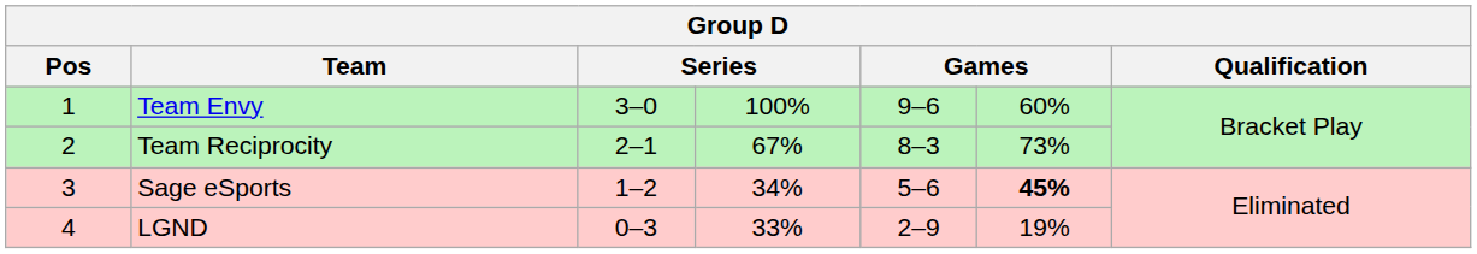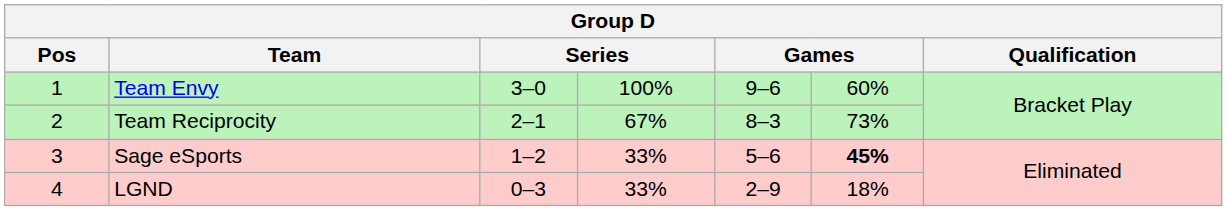 <table class="wikitable" style="display: inline-table; margin-left: 50px;width: 46.5%;">
 <tr>
 <th colspan="7">Group D</th>
 </tr>
 <tr>
 <th>Pos</th>
 <th>Team</th>
 <th colspan="2">Series</th>
 <th colspan="2">Games</th>
 <th>Qualification</th>
 </tr>
 <tr>
 <td style="text-align:center; background:#BBF3BB;">1</td>
 <td style="text-align:left; background:#BBF3BB;"><a href='#'>Team Envy</a></td>
 <td style="text-align:center; background:#BBF3BB;">3–0</td>
 <td style="text-align:center; background:#BBF3BB;">100%</td>
 <td style="text-align:center; background:#BBF3BB;">9–6</td>
 <td style="text-align:center; background:#BBF3BB;">60%</td>
 <td style="text-align:center; background:#BBF3BB;" rowspan="2">Bracket Play</td>
 </tr>
 <tr>
 <td style="text-align:center; background:#BBF3BB;">2</td>
 <td style="text-align:left; background:#BBF3BB;">Team Reciprocity</td>
 <td style="text-align:center; background:#BBF3BB;">2–1</td>
 <td style="text-align:center; background:#BBF3BB;">67%</td>
 <td style="text-align:center; background:#BBF3BB;">8–3</td>
 <td style="text-align:center; background:#BBF3BB;">73%</td>
 </tr>
 <tr>
 <td style="text-align:center; background:#FFCCCC;">3</td>
 <td style="text-align:left; background:#FFCCCC;">Sage eSports</td>
 <td style="text-align:center; background:#FFCCCC;">1–2</td>
-<td style="text-align:center; background:#FFCCCC;">34%</td>
+<td style="text-align:center; background:#FFCCCC;">33%</td>
 <td style="text-align:center; background:#FFCCCC;">5–6</td>
 <td style="text-align:center; background:#FFCCCC;"><strong>45%</strong></td>
 <td style="text-align:center; background:#FFCCCC;" rowspan="2">Eliminated</td>
 </tr>
 <tr>
 <td style="text-align:center; background:#FFCCCC;">4</td>
 <td style="text-align:left; background:#FFCCCC;">LGND</td>
 <td style="text-align:center; background:#FFCCCC;">0–3</td>
 <td style="text-align:center; background:#FFCCCC;">33%</td>
 <td style="text-align:center; background:#FFCCCC;">2–9</td>
-<td style="text-align:center; background:#FFCCCC;">19%</td>
+<td style="text-align:center; background:#FFCCCC;">18%</td>
 </tr>
 </table>
